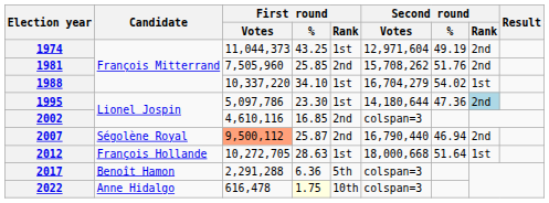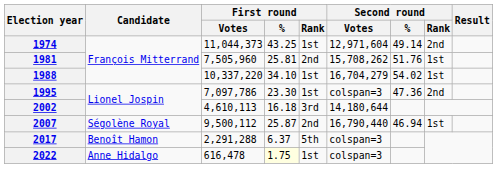 <table class="wikitable">
 <tr>
 <th rowspan="2">Election year</th>
 <th rowspan="2">Candidate</th>
 <th colspan="3">First round</th>
 <th colspan="3">Second round</th>
 <th rowspan="2">Result</th>
 </tr>
 <tr>
 <th>Votes</th>
 <th>%</th>
 <th>Rank</th>
 <th>Votes</th>
 <th>%</th>
 <th>Rank</th>
 </tr>
 <tr>
 <th><a href='#'>1974</a></th>
 <td rowspan=3><a href='#'>François Mitterrand</a></td>
 <td>11,044,373</td>
 <td>43.25</td>
 <td> 1st</td>
 <td>12,971,604</td>
-<td>49.19</td>
+<td>49.14</td>
 <td> 2nd</td>
 <td></td>
 </tr>
 <tr>
 <th><a href='#'>1981</a></th>
 <td>7,505,960</td>
-<td>25.85</td>
+<td>25.81</td>
 <td> 2nd</td>
 <td>15,708,262</td>
 <td>51.76</td>
-<td> 2nd</td>
+<td> 1st</td>
 <td></td>
 </tr>
 <tr>
 <th><a href='#'>1988</a></th>
 <td>10,337,220</td>
 <td>34.10</td>
 <td> 1st</td>
 <td>16,704,279</td>
 <td>54.02</td>
 <td> 1st</td>
 <td></td>
 </tr>
 <tr>
 <th><a href='#'>1995</a></th>
 <td rowspan=2><a href='#'>Lionel Jospin</a></td>
-<td>5,097,786</td>
+<td>7,097,786</td>
 <td>23.30</td>
 <td> 1st</td>
-<td>14,180,644</td>
+<td>colspan=3 </td>
 <td>47.36</td>
-<td style="background: lightblue;"> 2nd</td>
+<td> 2nd</td>
 <td></td>
 </tr>
 <tr>
 <th><a href='#'>2002</a></th>
-<td>4,610,116</td>
-<td>16.85</td>
-<td> 2nd</td>
-<td>colspan=3 </td>
+<td>4,610,113</td>
+<td>16.18</td>
+<td> 3rd</td>
+<td>14,180,644</td>
 <td></td>
 </tr>
 <tr>
 <th><a href='#'>2007</a></th>
 <td><a href='#'>Ségolène Royal</a></td>
-<td style="background: lightsalmon;">9,500,112</td>
+<td>9,500,112</td>
 <td>25.87</td>
 <td> 2nd</td>
 <td>16,790,440</td>
 <td>46.94</td>
-<td> 2nd</td>
-<td></td>
-</tr>
-<tr>
-<th><a href='#'>2012</a></th>
-<td><a href='#'>François Hollande</a></td>
-<td>10,272,705</td>
-<td>28.63</td>
-<td> 1st</td>
-<td>18,000,668</td>
-<td>51.64</td>
 <td> 1st</td>
 <td></td>
 </tr>
 <tr>
 <th><a href='#'>2017</a></th>
 <td><a href='#'>Benoît Hamon</a></td>
 <td>2,291,288</td>
-<td>6.36</td>
+<td>6.37</td>
 <td> 5th</td>
 <td>colspan=3 </td>
 <td></td>
 </tr>
 <tr>
 <th><a href='#'>2022</a></th>
 <td><a href='#'>Anne Hidalgo</a></td>
 <td>616,478</td>
 <td style="background: lightyellow;">1.75</td>
-<td> 10th</td>
+<td> 1st</td>
 <td>colspan=3 </td>
 <td></td>
 </tr>
 </table>
